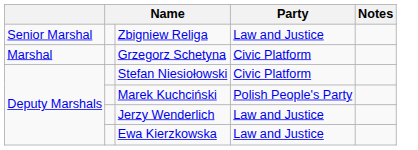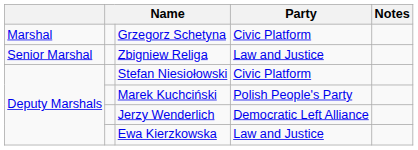 <table class="wikitable">
 <tr>
 <th class="sortable"></th>
 <th colspan=2>Name</th>
 <th>Party</th>
 <th>Notes</th>
 </tr>
 <tr>
+<td><a href='#'>Marshal</a></td>
+<td style="background-color: "></td>
+<td><a href='#'>Grzegorz Schetyna</a></td>
+<td><a href='#'>Civic Platform</a></td>
+<td></td>
+</tr>
+<tr>
 <td><a href='#'>Senior Marshal</a></td>
 <td width=5px style="background-color: "></td>
 <td><a href='#'>Zbigniew Religa</a></td>
 <td><a href='#'>Law and Justice</a></td>
-<td></td>
-</tr>
-<tr>
-<td><a href='#'>Marshal</a></td>
-<td style="background-color: "></td>
-<td><a href='#'>Grzegorz Schetyna</a></td>
-<td><a href='#'>Civic Platform</a></td>
 <td></td>
 </tr>
 <tr>
 <td rowspan=4><a href='#'>Deputy Marshals</a></td>
 <td style="background-color: "></td>
 <td><a href='#'>Stefan Niesiołowski</a></td>
 <td><a href='#'>Civic Platform</a></td>
 <td></td>
 </tr>
 <tr>
 <td style="background-color: "></td>
 <td><a href='#'>Marek Kuchciński</a></td>
 <td><a href='#'>Polish People's Party</a></td>
 <td></td>
 </tr>
 <tr>
 <td style="background-color: "></td>
 <td><a href='#'>Jerzy Wenderlich</a></td>
-<td><a href='#'>Law and Justice</a></td>
+<td><a href='#'>Democratic Left Alliance</a></td>
 <td></td>
 </tr>
 <tr>
 <td style="background-color: "></td>
 <td><a href='#'>Ewa Kierzkowska</a></td>
 <td><a href='#'>Law and Justice</a></td>
 <td></td>
 </tr>
 </table>
